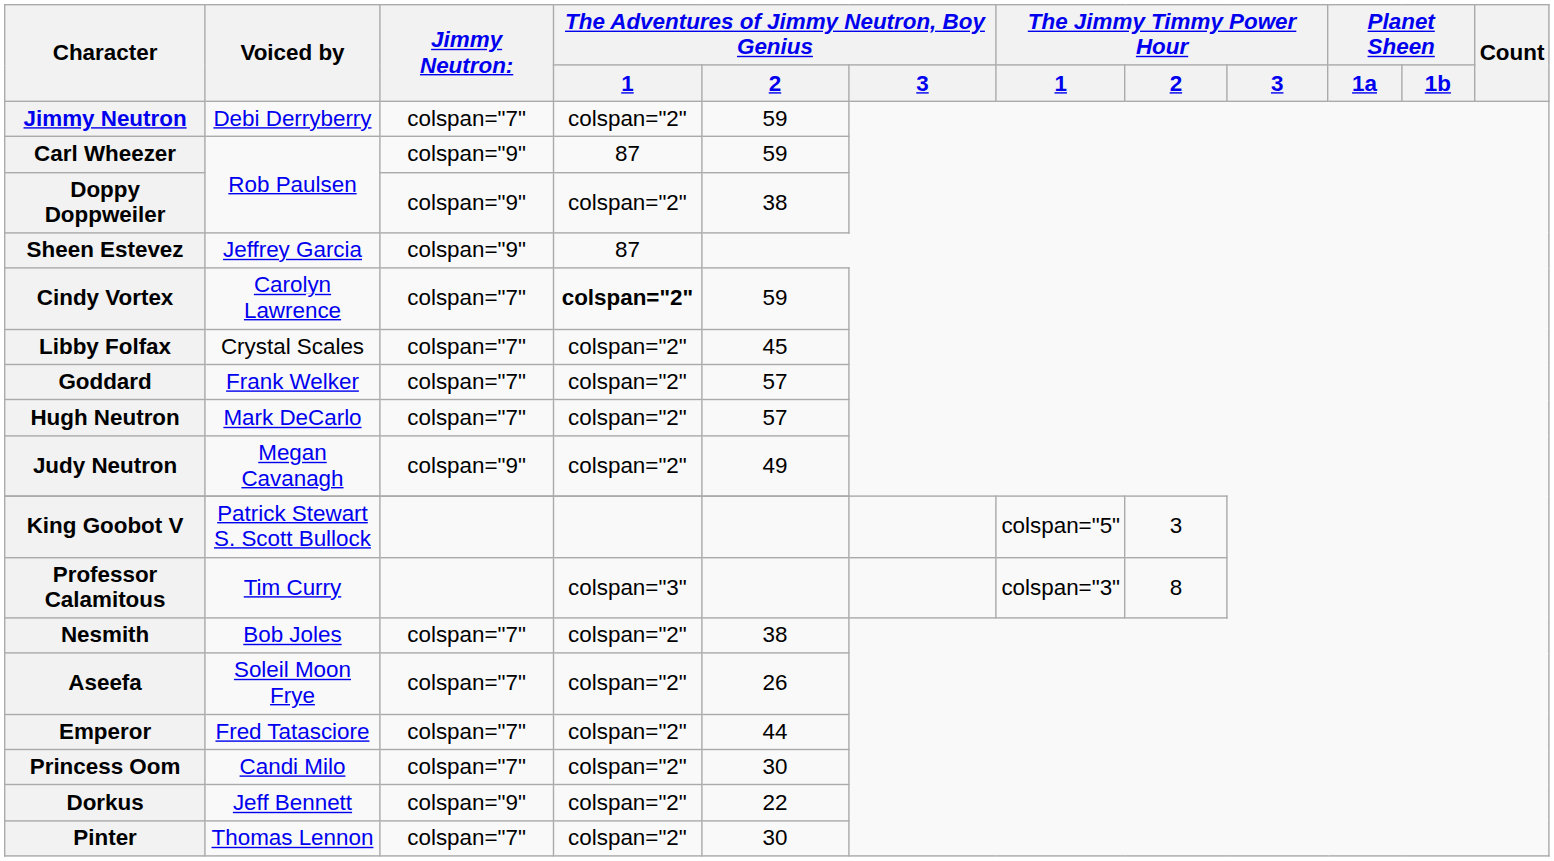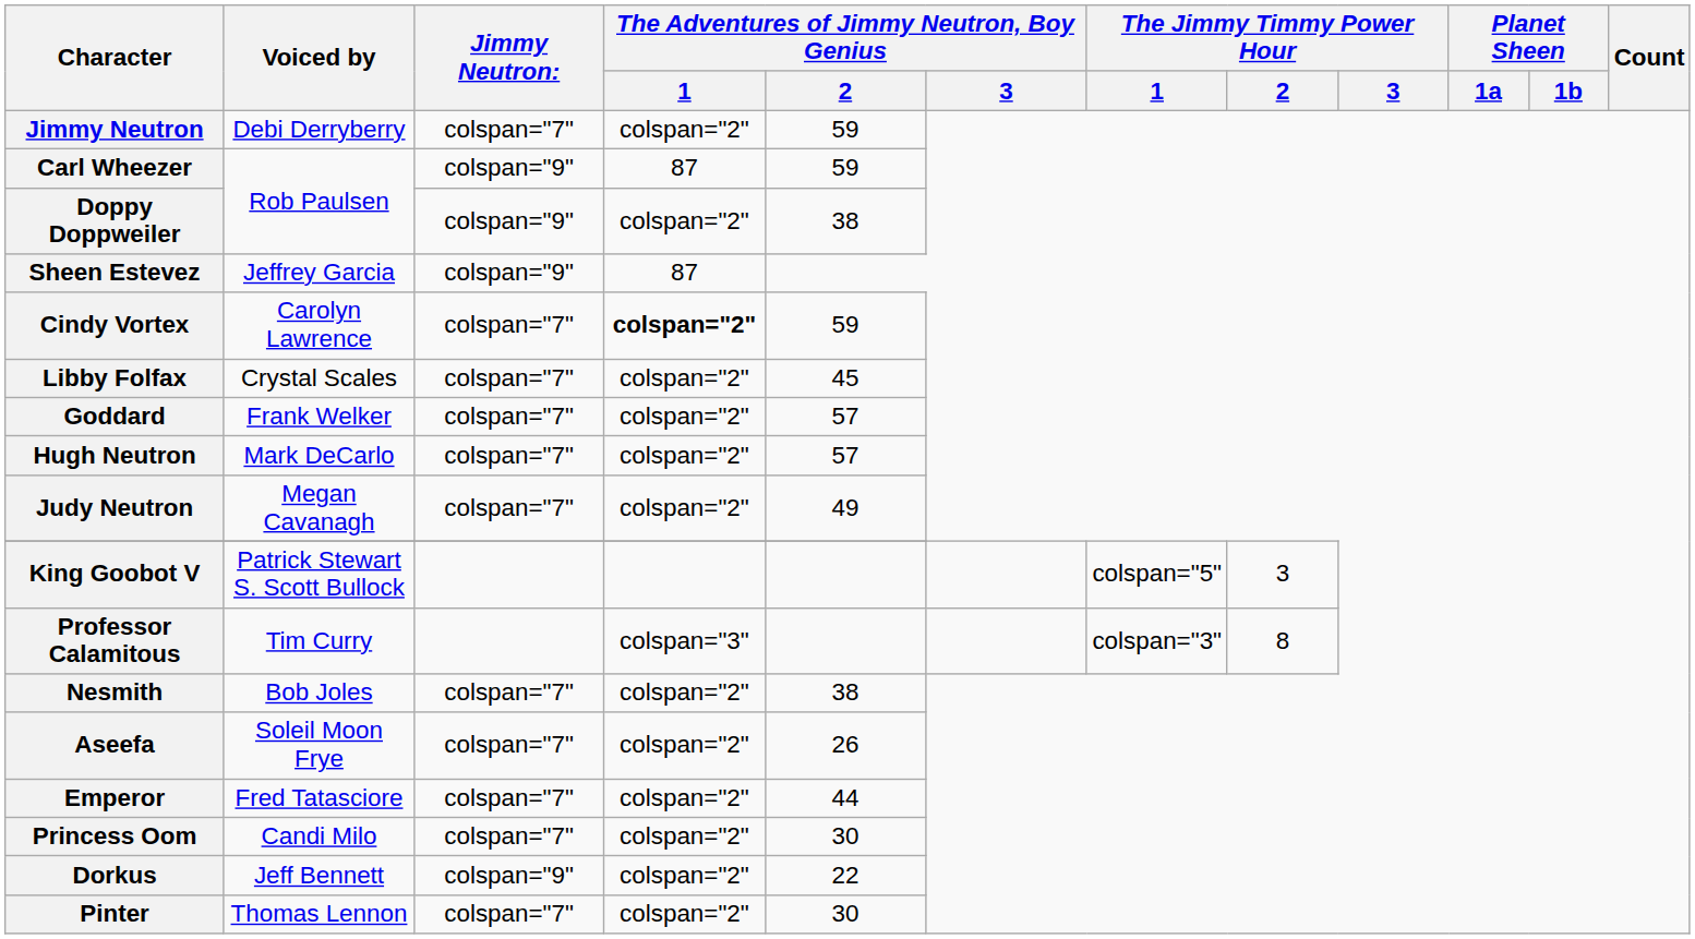 <table class="wikitable" style="text-align:center;">
 <tr>
 <th rowspan="2" style="width:136px;">Character</th>
 <th rowspan="2" style="width:117px;">Voiced by</th>
 <th rowspan="2" style="width:117px;"><a href='#'><em>Jimmy Neutron:<br></em></a></th>
 <th colspan="3"><em><a href='#'>The Adventures of Jimmy Neutron, Boy Genius</a></em></th>
 <th colspan="3"><em><a href='#'>The Jimmy Timmy Power Hour</a></em></th>
 <th colspan="2"><em><a href='#'>Planet Sheen</a></em></th>
 <th rowspan="2" style="width:10px;">Count</th>
 </tr>
 <tr>
 <th style="width:98px;"><a href='#'>1</a></th>
 <th style="width:98px;"><a href='#'>2</a></th>
 <th style="width:98px;"><a href='#'>3</a></th>
 <th style="width:65px;"><a href='#'>1</a></th>
 <th style="width:65px;"><a href='#'>2</a></th>
 <th style="width:65px;"><a href='#'>3</a></th>
 <th style="width:45px;"><a href='#'>1a</a></th>
 <th style="width:45px;"><a href='#'>1b</a></th>
 </tr>
 <tr>
 <th><a href='#'>Jimmy Neutron</a></th>
 <td><a href='#'>Debi Derryberry</a></td>
 <td>colspan="7" </td>
 <td>colspan="2" </td>
 <td>59</td>
 </tr>
 <tr>
 <th>Carl Wheezer</th>
 <td rowspan="2"><a href='#'>Rob Paulsen</a></td>
 <td>colspan="9" </td>
 <td>87</td>
 <td>59</td>
 </tr>
 <tr>
 <th>Doppy Doppweiler</th>
 <td>colspan="9" </td>
 <td>colspan="2" </td>
 <td>38</td>
 </tr>
 <tr>
 <th>Sheen Estevez</th>
 <td><a href='#'>Jeffrey Garcia</a></td>
 <td>colspan="9" </td>
 <td>87</td>
 </tr>
 <tr>
 <th>Cindy Vortex</th>
 <td><a href='#'>Carolyn Lawrence</a></td>
 <td>colspan="7" </td>
 <td><strong>colspan="2" </strong></td>
 <td>59</td>
 </tr>
 <tr>
 <th>Libby Folfax</th>
 <td>Crystal Scales</td>
 <td>colspan="7" </td>
 <td>colspan="2" </td>
 <td>45</td>
 </tr>
 <tr>
 <th>Goddard</th>
 <td><a href='#'>Frank Welker</a></td>
 <td>colspan="7" </td>
 <td>colspan="2" </td>
 <td>57</td>
 </tr>
 <tr>
 <th>Hugh Neutron</th>
 <td><a href='#'>Mark DeCarlo</a></td>
 <td>colspan="7" </td>
 <td>colspan="2" </td>
 <td>57</td>
 </tr>
 <tr>
 <th>Judy Neutron</th>
 <td><a href='#'>Megan Cavanagh</a></td>
-<td>colspan="9" </td>
+<td>colspan="7" </td>
 <td>colspan="2" </td>
 <td>49</td>
 </tr>
 <tr>
 </tr>
 <tr>
 <th>King Goobot V</th>
 <td><a href='#'>Patrick Stewart</a><br><a href='#'>S. Scott Bullock</a></td>
 <td></td>
 <td></td>
 <td></td>
 <td></td>
 <td>colspan="5" </td>
 <td>3</td>
 </tr>
 <tr>
 <th>Professor Calamitous</th>
 <td><a href='#'>Tim Curry</a></td>
 <td></td>
 <td>colspan="3" </td>
 <td></td>
 <td></td>
 <td>colspan="3" </td>
 <td>8</td>
 </tr>
 <tr>
 <th>Nesmith</th>
 <td><a href='#'>Bob Joles</a></td>
 <td>colspan="7" </td>
 <td>colspan="2" </td>
 <td>38</td>
 </tr>
 <tr>
 <th>Aseefa</th>
 <td><a href='#'>Soleil Moon Frye</a></td>
 <td>colspan="7" </td>
 <td>colspan="2" </td>
 <td>26</td>
 </tr>
 <tr>
 <th>Emperor</th>
 <td><a href='#'>Fred Tatasciore</a></td>
 <td>colspan="7" </td>
 <td>colspan="2" </td>
 <td>44</td>
 </tr>
 <tr>
 <th>Princess Oom</th>
 <td><a href='#'>Candi Milo</a></td>
 <td>colspan="7" </td>
 <td>colspan="2" </td>
 <td>30</td>
 </tr>
 <tr>
 <th>Dorkus</th>
 <td><a href='#'>Jeff Bennett</a></td>
 <td>colspan="9" </td>
 <td>colspan="2" </td>
 <td>22</td>
 </tr>
 <tr>
 <th>Pinter</th>
 <td><a href='#'>Thomas Lennon</a></td>
 <td>colspan="7" </td>
 <td>colspan="2" </td>
 <td>30</td>
 </tr>
 </table>
